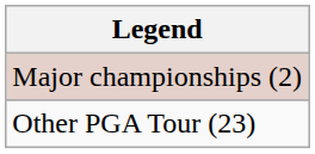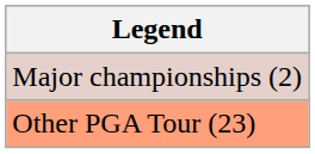 <table class="wikitable" style="font-size:95%;">
 <tr>
 <th>Legend</th>
 </tr>
 <tr style="background:#e5d1cb;">
 <td>Major championships (2)</td>
 </tr>
 <tr>
-<td>Other PGA Tour (23)</td>
+<td style="background: lightsalmon;">Other PGA Tour (23)</td>
 </tr>
 </table>
